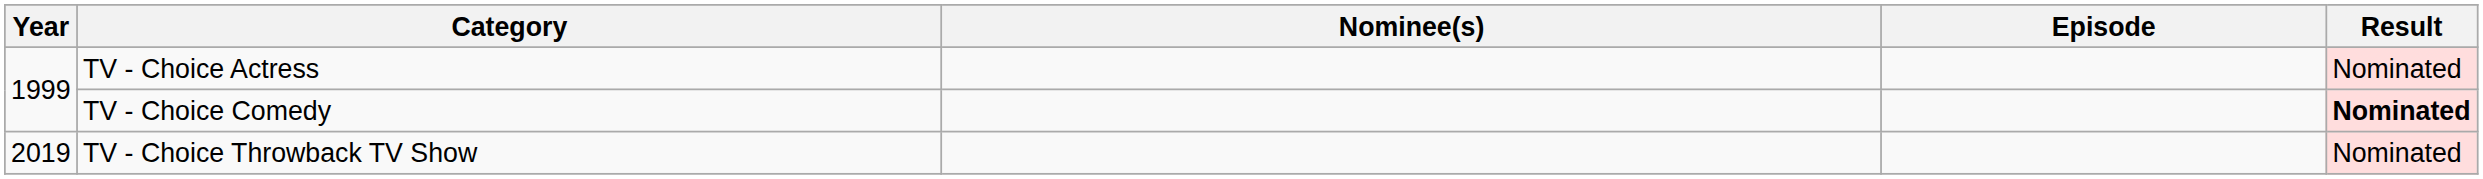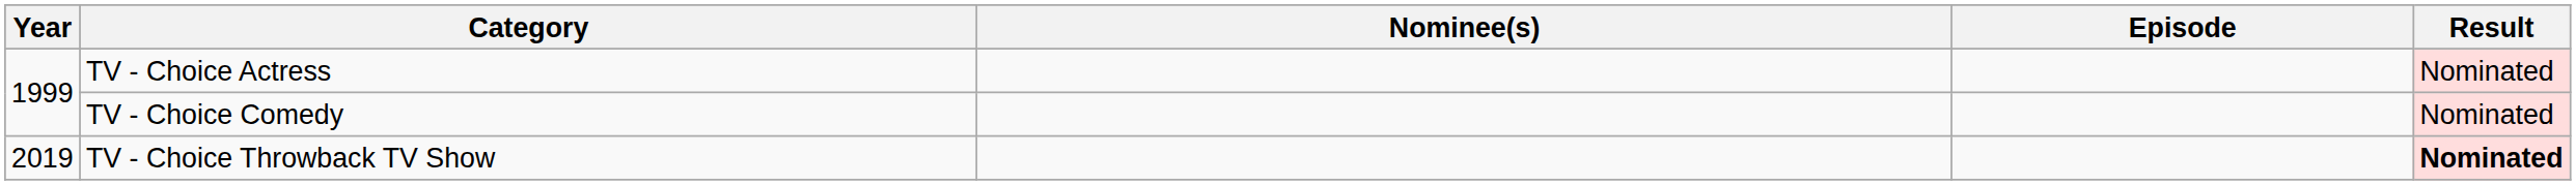 <table class="wikitable" style="font-size: 95%">
 <tr>
 <th>Year</th>
 <th width="35%">Category</th>
 <th width="38%">Nominee(s)</th>
 <th width="18%">Episode</th>
 <th>Result</th>
 </tr>
 <tr>
 <td rowspan="2">1999</td>
 <td>TV - Choice Actress</td>
 <td></td>
 <td></td>
 <td style="background: #ffdddd">Nominated</td>
 </tr>
 <tr>
 <td>TV - Choice Comedy</td>
 <td></td>
 <td></td>
-<td style="background: #ffdddd"><strong>Nominated</strong></td>
+<td style="background: #ffdddd">Nominated</td>
 </tr>
 <tr>
 <td rowspan="2">2019</td>
 <td>TV - Choice Throwback TV Show</td>
 <td></td>
 <td></td>
-<td style="background: #ffdddd">Nominated</td>
+<td style="background: #ffdddd"><strong>Nominated</strong></td>
 </tr>
 </table>
